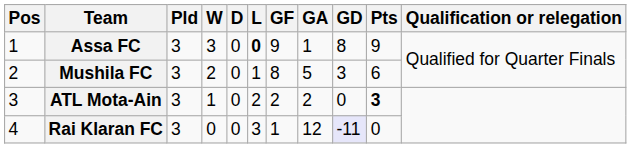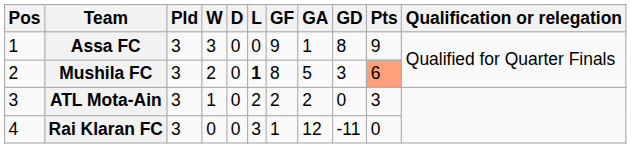 <table class="wikitable">
 <tr>
 <th><abbr>Pos</abbr></th>
 <th>Team</th>
 <th><abbr>Pld</abbr></th>
 <th><abbr>W</abbr></th>
 <th><abbr>D</abbr></th>
 <th><abbr>L</abbr></th>
 <th><abbr>GF</abbr></th>
 <th><abbr>GA</abbr></th>
 <th><abbr>GD</abbr></th>
 <th><abbr>Pts</abbr></th>
 <th>Qualification or relegation</th>
 </tr>
 <tr>
 <td>1</td>
 <th>Assa FC</th>
 <td>3</td>
 <td>3</td>
 <td>0</td>
-<td><strong>0</strong></td>
+<td>0</td>
 <td>9</td>
 <td>1</td>
 <td>8</td>
 <td>9</td>
 <td rowspan="2">Qualified for Quarter Finals</td>
 </tr>
 <tr>
 <td>2</td>
 <th>Mushila FC</th>
 <td>3</td>
 <td>2</td>
 <td>0</td>
-<td>1</td>
+<td><strong>1</strong></td>
 <td>8</td>
 <td>5</td>
 <td>3</td>
-<td>6</td>
+<td style="background: lightsalmon;">6</td>
 </tr>
 <tr>
 <td>3</td>
 <th>ATL Mota-Ain</th>
 <td>3</td>
 <td>1</td>
 <td>0</td>
 <td>2</td>
 <td>2</td>
 <td>2</td>
 <td>0</td>
-<td><strong>3</strong></td>
+<td>3</td>
 <td rowspan="2"></td>
 </tr>
 <tr>
 <td>4</td>
 <th>Rai Klaran FC</th>
 <td>3</td>
 <td>0</td>
 <td>0</td>
 <td>3</td>
 <td>1</td>
 <td>12</td>
-<td style="background: lavender;">-11</td>
+<td>-11</td>
 <td>0</td>
 </tr>
 </table>
